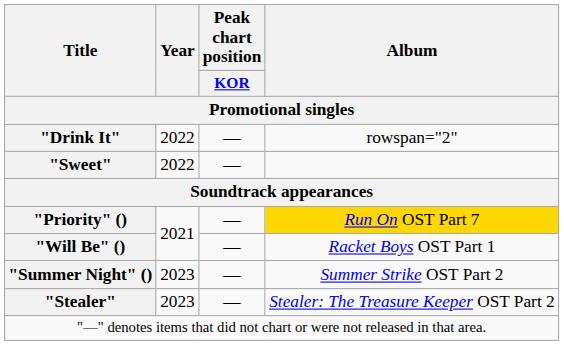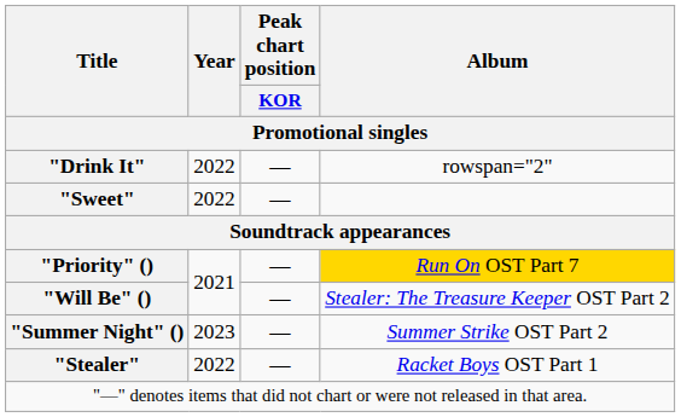 <table class="wikitable plainrowheaders" style="text-align:center">
 <tr>
 <th scope="col" rowspan="2">Title</th>
 <th scope="col" rowspan="2">Year</th>
 <th scope="col">Peak<br>chart<br>position</th>
 <th scope="col" rowspan="2">Album</th>
 </tr>
 <tr>
 <th style="width:3em;font-size:90%"><a href='#'>KOR</a><br></th>
 </tr>
 <tr>
 <th colspan="6">Promotional singles</th>
 </tr>
 <tr>
 <th scope="row">"Drink It"</th>
 <td>2022</td>
 <td>—</td>
 <td>rowspan="2" </td>
 </tr>
 <tr>
 <th scope="row">"Sweet"</th>
 <td>2022</td>
 <td>—</td>
 </tr>
 <tr>
 <th colspan="6">Soundtrack appearances</th>
 </tr>
 <tr>
 <th scope="row">"Priority" ()</th>
 <td rowspan="2">2021</td>
 <td>—</td>
 <td style="background: gold;"><em><a href='#'>Run On</a></em> OST Part 7</td>
 </tr>
 <tr>
 <th scope="row">"Will Be" ()</th>
 <td>—</td>
-<td><em><a href='#'>Racket Boys</a></em> OST Part 1</td>
+<td><em><a href='#'>Stealer: The Treasure Keeper</a></em> OST Part 2</td>
 </tr>
 <tr>
 <th scope="row">"Summer Night" ()</th>
 <td>2023</td>
 <td>—</td>
 <td><em><a href='#'>Summer Strike</a></em> OST Part 2</td>
 </tr>
 <tr>
 <th scope="row">"Stealer"</th>
-<td>2023</td>
+<td>2022</td>
 <td>—</td>
-<td><em><a href='#'>Stealer: The Treasure Keeper</a></em> OST Part 2</td>
+<td><em><a href='#'>Racket Boys</a></em> OST Part 1</td>
 </tr>
 <tr>
 <td colspan="4" style="font-size: 85%;">"—" denotes items that did not chart or were not released in that area.</td>
 </tr>
 </table>
